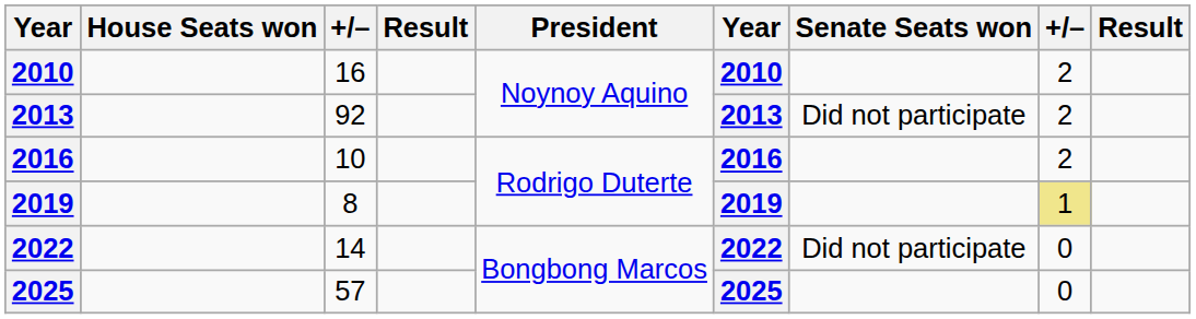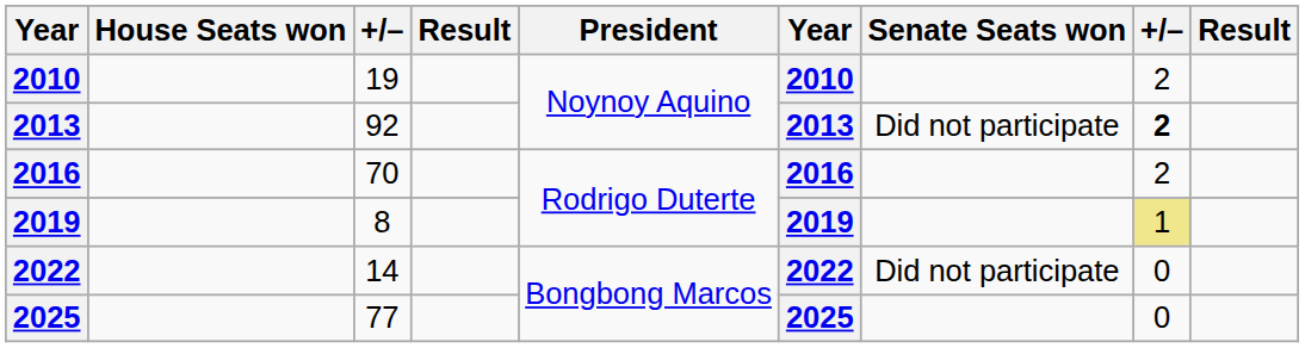 <table class="wikitable" style="text-align:center; font-size:90%">
 <tr>
 <th>Year</th>
 <th>House Seats won</th>
 <th>+/–</th>
 <th>Result</th>
 <th>President</th>
 <th>Year</th>
 <th>Senate Seats won</th>
 <th>+/–</th>
 <th>Result</th>
 </tr>
 <tr>
 <th><a href='#'>2010</a></th>
 <td></td>
-<td> 16</td>
+<td> 19</td>
 <td></td>
 <td rowspan="2" style="background-color:"><a href='#'>Noynoy Aquino</a></td>
 <th><a href='#'>2010</a></th>
 <td></td>
 <td> 2</td>
 <td></td>
 </tr>
 <tr>
 <th><a href='#'>2013</a></th>
 <td></td>
 <td> 92</td>
 <td></td>
 <th><a href='#'>2013</a></th>
 <td>Did not participate</td>
-<td> 2</td>
+<td><strong> 2</strong></td>
 <td></td>
 </tr>
 <tr>
 <th><a href='#'>2016</a></th>
 <td></td>
-<td> 10</td>
+<td> 70</td>
 <td></td>
 <td rowspan="2" style="background-color:"><a href='#'>Rodrigo Duterte</a></td>
 <th><a href='#'>2016</a></th>
 <td></td>
 <td> 2</td>
 <td></td>
 </tr>
 <tr>
 <th><a href='#'>2019</a></th>
 <td></td>
 <td> 8</td>
 <td></td>
 <th><a href='#'>2019</a></th>
 <td></td>
 <td style="background: khaki;"> 1</td>
 <td></td>
 </tr>
 <tr>
 <th><a href='#'>2022</a></th>
 <td></td>
 <td> 14</td>
 <td></td>
 <td rowspan="2" style="background-color:"><a href='#'><span>Bongbong Marcos</span></a></td>
 <th><a href='#'>2022</a></th>
 <td>Did not participate</td>
 <td> 0</td>
 <td></td>
 </tr>
 <tr>
 <th><a href='#'>2025</a></th>
 <td></td>
-<td> 57</td>
+<td> 77</td>
 <td></td>
 <th><a href='#'>2025</a></th>
 <td></td>
 <td> 0</td>
 <td></td>
 </tr>
 </table>
